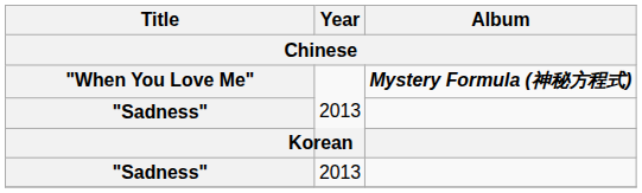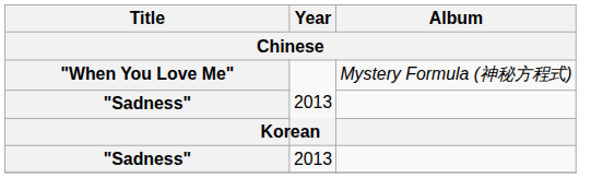 <table class="wikitable plainrowheaders" style="text-align:center;">
 <tr>
 <th scope="col" style="width:16em;">Title</th>
 <th scope="col">Year</th>
 <th scope="col">Album</th>
 </tr>
 <tr>
 <th colspan="3">Chinese</th>
 </tr>
 <tr>
 <th scope="row">"When You Love Me"</th>
 <td rowspan="3">2013</td>
-<td><strong><em>Mystery Formula (神秘方程式) </em></strong></td>
+<td><em>Mystery Formula (神秘方程式) </em></td>
 </tr>
 <tr>
 <th scope="row">"Sadness"</th>
 <td></td>
 </tr>
 <tr>
 <th colspan="3">Korean</th>
 </tr>
 <tr>
 <th scope="row">"Sadness"</th>
 <td>2013</td>
 <td></td>
 </tr>
 <tr>
 </tr>
 </table>
